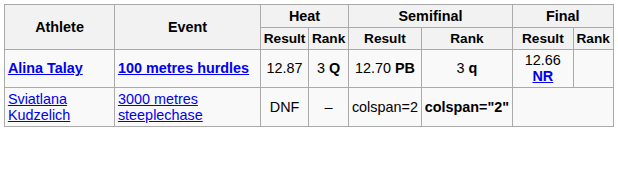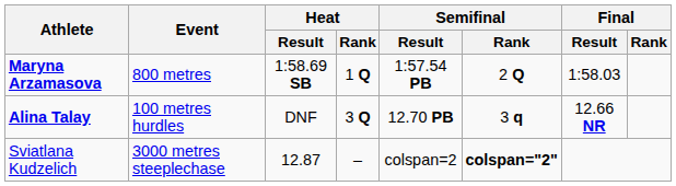 <table class="wikitable" style="font-size:90%">
 <tr>
 <th rowspan="2">Athlete</th>
 <th rowspan="2">Event</th>
 <th colspan="2">Heat</th>
 <th colspan="2">Semifinal</th>
 <th colspan="2">Final</th>
 </tr>
 <tr style="font-size:95%">
 <th>Result</th>
 <th>Rank</th>
 <th>Result</th>
 <th>Rank</th>
 <th>Result</th>
 <th>Rank</th>
 </tr>
 <tr style=text-align:center>
+<td style=text-align:left><strong><a href='#'>Maryna Arzamasova</a></strong></td>
+<td style=text-align:left><a href='#'>800 metres</a></td>
+<td>1:58.69 <strong>SB</strong></td>
+<td>1 <strong>Q</strong></td>
+<td>1:57.54 <strong>PB</strong></td>
+<td>2 <strong>Q</strong></td>
+<td>1:58.03</td>
+<td></td>
+</tr>
+<tr style=text-align:center>
 <td style=text-align:left><strong><a href='#'>Alina Talay</a></strong></td>
-<td style=text-align:left><strong><a href='#'>100 metres hurdles</a></strong></td>
-<td>12.87</td>
+<td style=text-align:left><a href='#'>100 metres hurdles</a></td>
+<td>DNF</td>
 <td>3 <strong>Q</strong></td>
 <td>12.70 <strong>PB</strong></td>
 <td>3 <strong>q</strong></td>
 <td>12.66 <strong><a href='#'>NR</a></strong></td>
 <td></td>
 </tr>
 <tr style=text-align:center>
 <td style=text-align:left><a href='#'>Sviatlana Kudzelich</a></td>
 <td style=text-align:left><a href='#'>3000 metres steeplechase</a></td>
-<td>DNF</td>
+<td>12.87</td>
 <td>–</td>
 <td>colspan=2 </td>
 <td><strong>colspan="2" </strong></td>
 </tr>
 </table>
